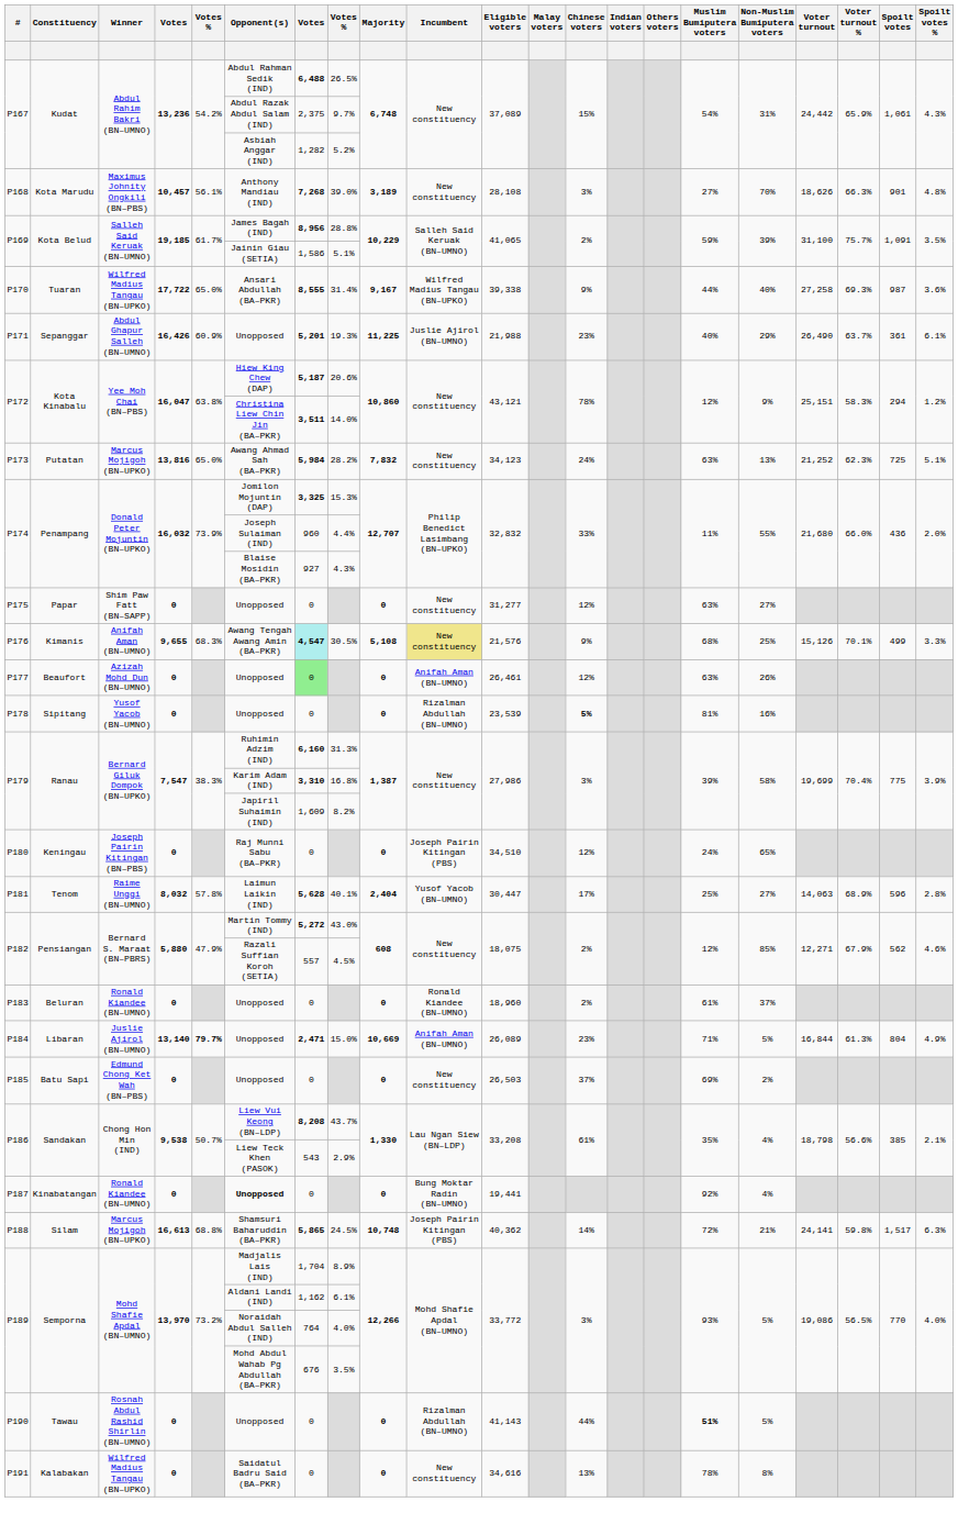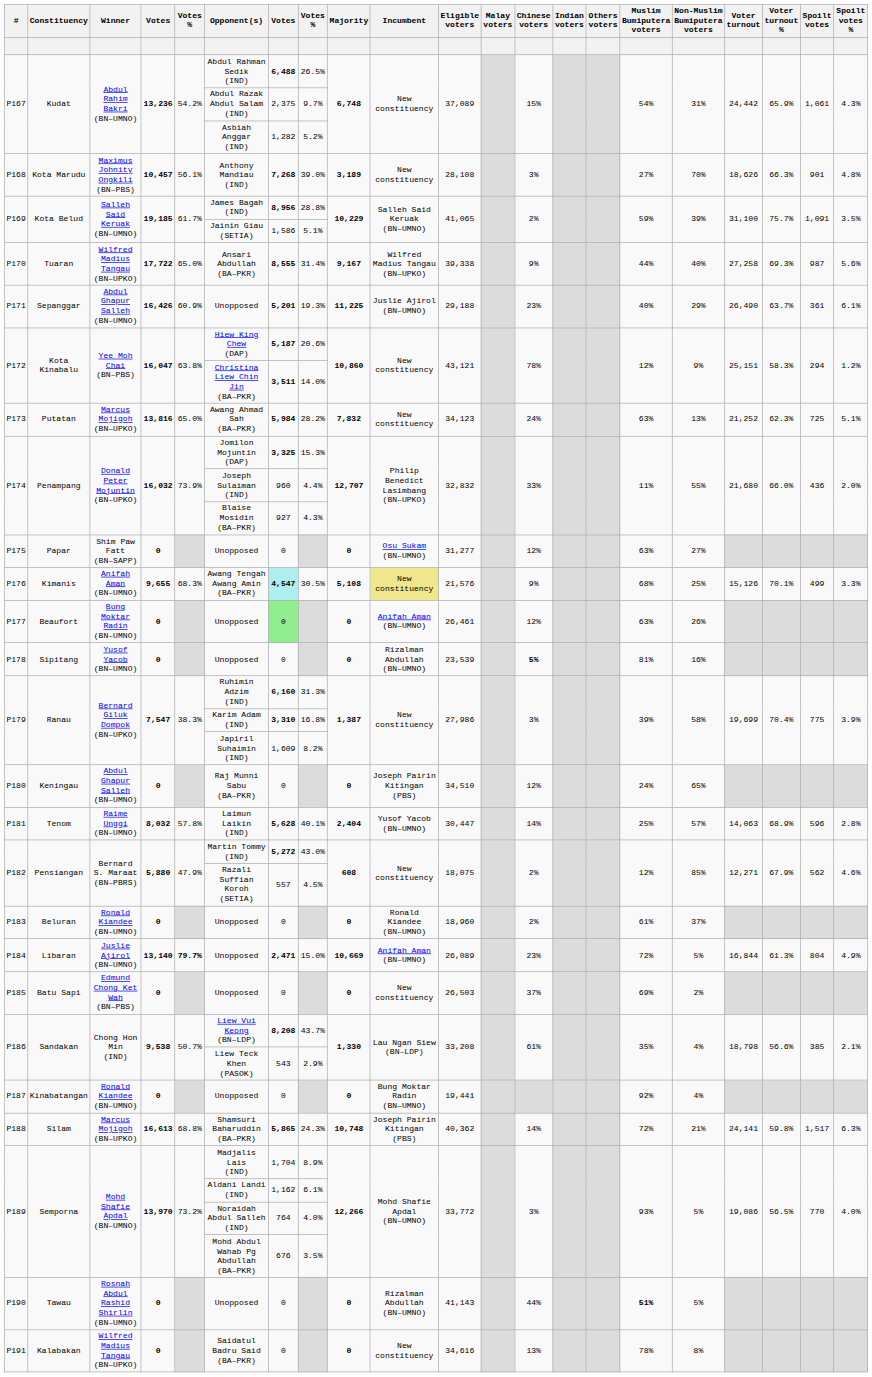 <table class="wikitable sortable" style="text-align:center; font-size:90%">
 <tr>
 <th width="30">#</th>
 <th width="60">Constituency</th>
 <th width="150">Winner</th>
 <th width="50">Votes</th>
 <th width="50">Votes %</th>
 <th width="150">Opponent(s)</th>
 <th width="50">Votes</th>
 <th width="50">Votes %</th>
 <th width="50">Majority</th>
 <th width="150">Incumbent</th>
 <th width="50">Eligible voters</th>
 <th width="50">Malay voters</th>
 <th width="50">Chinese voters</th>
 <th width="50">Indian voters</th>
 <th width="50">Others voters</th>
 <th width="50">Muslim Bumiputera voters</th>
 <th width="50">Non-Muslim Bumiputera voters</th>
 <th width="50">Voter turnout</th>
 <th width="50">Voter turnout %</th>
 <th width="50">Spoilt votes</th>
 <th width="50">Spoilt votes %</th>
 </tr>
 <tr>
 <th height="20"></th>
 <th></th>
 <th></th>
 <th></th>
 <th></th>
 <th></th>
 <th></th>
 <th></th>
 <th></th>
 <th></th>
 <th></th>
 <th></th>
 <th></th>
 <th></th>
 <th></th>
 <th></th>
 <th></th>
 <th></th>
 <th></th>
 <th></th>
 <th></th>
 </tr>
 <tr>
 <td rowspan="3">P167</td>
 <td rowspan="3">Kudat</td>
 <td rowspan="3"><a href='#'>Abdul Rahim Bakri</a><br>(BN–UMNO)</td>
 <td rowspan="3"><strong>13,236</strong></td>
 <td rowspan="3">54.2%</td>
 <td>Abdul Rahman Sedik<br>(IND)</td>
 <td><strong>6,488</strong></td>
 <td>26.5%</td>
 <td rowspan="3"><strong>6,748</strong></td>
 <td rowspan="3">New constituency</td>
 <td rowspan="3">37,089</td>
 <td rowspan="3" bgcolor="dcdcdc"></td>
 <td rowspan="3">15%</td>
 <td rowspan="3" bgcolor="dcdcdc"></td>
 <td rowspan="3" bgcolor="dcdcdc"></td>
 <td rowspan="3">54%</td>
 <td rowspan="3">31%</td>
 <td rowspan="3">24,442</td>
 <td rowspan="3">65.9%</td>
 <td rowspan="3">1,061</td>
 <td rowspan="3">4.3%</td>
 </tr>
 <tr>
 <td>Abdul Razak Abdul Salam<br>(IND)</td>
 <td>2,375</td>
 <td>9.7%</td>
 </tr>
 <tr>
 <td>Asbiah Anggar<br>(IND)</td>
 <td>1,282</td>
 <td>5.2%</td>
 </tr>
 <tr>
 <td>P168</td>
 <td>Kota Marudu</td>
 <td><a href='#'>Maximus Johnity Ongkili</a><br>(BN–PBS)</td>
 <td><strong>10,457</strong></td>
 <td>56.1%</td>
 <td>Anthony Mandiau<br>(IND)</td>
 <td><strong>7,268</strong></td>
 <td>39.0%</td>
 <td><strong>3,189</strong></td>
 <td>New constituency</td>
 <td>28,108</td>
 <td bgcolor="dcdcdc"></td>
 <td>3%</td>
 <td bgcolor="dcdcdc"></td>
 <td bgcolor="dcdcdc"></td>
 <td>27%</td>
 <td>70%</td>
 <td>18,626</td>
 <td>66.3%</td>
 <td>901</td>
 <td>4.8%</td>
 </tr>
 <tr>
 <td rowspan="2">P169</td>
 <td rowspan="2">Kota Belud</td>
 <td rowspan="2"><a href='#'>Salleh Said Keruak</a><br>(BN–UMNO)</td>
 <td rowspan="2"><strong>19,185</strong></td>
 <td rowspan="2">61.7%</td>
 <td>James Bagah<br>(IND)</td>
 <td><strong>8,956</strong></td>
 <td>28.8%</td>
 <td rowspan="2"><strong>10,229</strong></td>
 <td rowspan="2">Salleh Said Keruak<br>(BN–UMNO)</td>
 <td rowspan="2">41,065</td>
 <td rowspan="2" bgcolor="dcdcdc"></td>
 <td rowspan="2">2%</td>
 <td rowspan="2" bgcolor="dcdcdc"></td>
 <td rowspan="2" bgcolor="dcdcdc"></td>
 <td rowspan="2">59%</td>
 <td rowspan="2">39%</td>
 <td rowspan="2">31,100</td>
 <td rowspan="2">75.7%</td>
 <td rowspan="2">1,091</td>
 <td rowspan="2">3.5%</td>
 </tr>
 <tr>
 <td>Jainin Giau<br>(SETIA)</td>
 <td>1,586</td>
 <td>5.1%</td>
 </tr>
 <tr>
 <td>P170</td>
 <td>Tuaran</td>
 <td><a href='#'>Wilfred Madius Tangau</a><br>(BN–UPKO)</td>
 <td><strong>17,722</strong></td>
 <td>65.0%</td>
 <td>Ansari Abdullah<br>(BA–PKR)</td>
 <td><strong>8,555</strong></td>
 <td>31.4%</td>
 <td><strong>9,167</strong></td>
 <td>Wilfred Madius Tangau<br>(BN–UPKO)</td>
 <td>39,338</td>
 <td bgcolor="dcdcdc"></td>
 <td>9%</td>
 <td bgcolor="dcdcdc"></td>
 <td bgcolor="dcdcdc"></td>
 <td>44%</td>
 <td>40%</td>
 <td>27,258</td>
 <td>69.3%</td>
 <td>987</td>
-<td>3.6%</td>
+<td>5.6%</td>
 </tr>
 <tr>
 <td>P171</td>
 <td>Sepanggar</td>
 <td><a href='#'>Abdul Ghapur Salleh</a><br>(BN–UMNO)</td>
 <td><strong>16,426</strong></td>
 <td>60.9%</td>
 <td>Unopposed</td>
 <td><strong>5,201</strong></td>
 <td>19.3%</td>
 <td><strong>11,225</strong></td>
 <td>Juslie Ajirol<br>(BN–UMNO)</td>
-<td>21,988</td>
+<td>29,188</td>
 <td bgcolor="dcdcdc"></td>
 <td>23%</td>
 <td bgcolor="dcdcdc"></td>
 <td bgcolor="dcdcdc"></td>
 <td>40%</td>
 <td>29%</td>
 <td>26,490</td>
 <td>63.7%</td>
 <td>361</td>
 <td>6.1%</td>
 </tr>
 <tr>
 <td rowspan="2">P172</td>
 <td rowspan="2">Kota Kinabalu</td>
 <td rowspan="2"><a href='#'>Yee Moh Chai</a><br>(BN–PBS)</td>
 <td rowspan="2"><strong>16,047</strong></td>
 <td rowspan="2">63.8%</td>
 <td><a href='#'>Hiew King Chew</a><br>(DAP)</td>
 <td><strong>5,187</strong></td>
 <td>20.6%</td>
 <td rowspan="2"><strong>10,860</strong></td>
 <td rowspan="2">New constituency</td>
 <td rowspan="2">43,121</td>
 <td rowspan="2" bgcolor="dcdcdc"></td>
 <td rowspan="2">78%</td>
 <td rowspan="2" bgcolor="dcdcdc"></td>
 <td rowspan="2" bgcolor="dcdcdc"></td>
 <td rowspan="2">12%</td>
 <td rowspan="2">9%</td>
 <td rowspan="2">25,151</td>
 <td rowspan="2">58.3%</td>
 <td rowspan="2">294</td>
 <td rowspan="2">1.2%</td>
 </tr>
 <tr>
 <td><a href='#'>Christina Liew Chin Jin</a><br>(BA–PKR)</td>
 <td><strong>3,511</strong></td>
 <td>14.0%</td>
 </tr>
 <tr>
 <td>P173</td>
 <td>Putatan</td>
 <td><a href='#'>Marcus Mojigoh</a><br>(BN–UPKO)</td>
 <td><strong>13,816</strong></td>
 <td>65.0%</td>
 <td>Awang Ahmad Sah<br>(BA–PKR)</td>
 <td><strong>5,984</strong></td>
 <td>28.2%</td>
 <td><strong>7,832</strong></td>
 <td>New constituency</td>
 <td>34,123</td>
 <td bgcolor="dcdcdc"></td>
 <td>24%</td>
 <td bgcolor="dcdcdc"></td>
 <td bgcolor="dcdcdc"></td>
 <td>63%</td>
 <td>13%</td>
 <td>21,252</td>
 <td>62.3%</td>
 <td>725</td>
 <td>5.1%</td>
 </tr>
 <tr>
 <td rowspan="3">P174</td>
 <td rowspan="3">Penampang</td>
 <td rowspan="3"><a href='#'>Donald Peter Mojuntin</a><br>(BN–UPKO)</td>
 <td rowspan="3"><strong>16,032</strong></td>
 <td rowspan="3">73.9%</td>
 <td>Jomilon Mojuntin<br>(DAP)</td>
 <td><strong>3,325</strong></td>
 <td>15.3%</td>
 <td rowspan="3"><strong>12,707</strong></td>
 <td rowspan="3">Philip Benedict Lasimbang<br>(BN–UPKO)</td>
 <td rowspan="3">32,832</td>
 <td rowspan="3" bgcolor="dcdcdc"></td>
 <td rowspan="3">33%</td>
 <td rowspan="3" bgcolor="dcdcdc"></td>
 <td rowspan="3" bgcolor="dcdcdc"></td>
 <td rowspan="3">11%</td>
 <td rowspan="3">55%</td>
 <td rowspan="3">21,680</td>
 <td rowspan="3">66.0%</td>
 <td rowspan="3">436</td>
 <td rowspan="3">2.0%</td>
 </tr>
 <tr>
 <td>Joseph Sulaiman<br>(IND)</td>
 <td>960</td>
 <td>4.4%</td>
 </tr>
 <tr>
 <td>Blaise Mosidin<br>(BA–PKR)</td>
 <td>927</td>
 <td>4.3%</td>
 </tr>
 <tr>
 <td>P175</td>
 <td>Papar</td>
 <td>Shim Paw Fatt<br>(BN–SAPP)</td>
 <td><strong>0</strong></td>
 <td bgcolor="dcdcdc"></td>
 <td>Unopposed</td>
 <td>0</td>
 <td bgcolor="dcdcdc"></td>
 <td><strong>0</strong></td>
-<td>New constituency</td>
+<td><a href='#'>Osu Sukam</a><br>(BN–UMNO)</td>
 <td>31,277</td>
 <td bgcolor="dcdcdc"></td>
 <td>12%</td>
 <td bgcolor="dcdcdc"></td>
 <td bgcolor="dcdcdc"></td>
 <td>63%</td>
 <td>27%</td>
 <td bgcolor="dcdcdc"></td>
 <td bgcolor="dcdcdc"></td>
 <td bgcolor="dcdcdc"></td>
 <td bgcolor="dcdcdc"></td>
 </tr>
 <tr>
 <td>P176</td>
 <td>Kimanis</td>
 <td><a href='#'>Anifah Aman</a><br>(BN–UMNO)</td>
 <td><strong>9,655</strong></td>
 <td>68.3%</td>
 <td>Awang Tengah Awang Amin<br>(BA–PKR)</td>
 <td style="background: paleturquoise;"><strong>4,547</strong></td>
 <td>30.5%</td>
 <td><strong>5,108</strong></td>
 <td style="background: khaki;">New constituency</td>
 <td>21,576</td>
 <td bgcolor="dcdcdc"></td>
 <td>9%</td>
 <td bgcolor="dcdcdc"></td>
 <td bgcolor="dcdcdc"></td>
 <td>68%</td>
 <td>25%</td>
 <td>15,126</td>
 <td>70.1%</td>
 <td>499</td>
 <td>3.3%</td>
 </tr>
 <tr>
 <td>P177</td>
 <td>Beaufort</td>
-<td><a href='#'>Azizah Mohd Dun</a><br>(BN–UMNO)</td>
+<td><a href='#'>Bung Moktar Radin</a><br>(BN–UMNO)</td>
 <td><strong>0</strong></td>
 <td bgcolor="dcdcdc"></td>
 <td>Unopposed</td>
 <td style="background: lightgreen;">0</td>
 <td bgcolor="dcdcdc"></td>
 <td><strong>0</strong></td>
 <td><a href='#'>Anifah Aman</a><br>(BN–UMNO)</td>
 <td>26,461</td>
 <td bgcolor="dcdcdc"></td>
 <td>12%</td>
 <td bgcolor="dcdcdc"></td>
 <td bgcolor="dcdcdc"></td>
 <td>63%</td>
 <td>26%</td>
 <td bgcolor="dcdcdc"></td>
 <td bgcolor="dcdcdc"></td>
 <td bgcolor="dcdcdc"></td>
 <td bgcolor="dcdcdc"></td>
 </tr>
 <tr>
 <td>P178</td>
 <td>Sipitang</td>
 <td><a href='#'>Yusof Yacob</a><br>(BN–UMNO)</td>
 <td><strong>0</strong></td>
 <td bgcolor="dcdcdc"></td>
 <td>Unopposed</td>
 <td>0</td>
 <td bgcolor="dcdcdc"></td>
 <td><strong>0</strong></td>
 <td>Rizalman Abdullah<br>(BN–UMNO)</td>
 <td>23,539</td>
 <td bgcolor="dcdcdc"></td>
 <td><strong>5%</strong></td>
 <td bgcolor="dcdcdc"></td>
 <td bgcolor="dcdcdc"></td>
 <td>81%</td>
 <td>16%</td>
 <td bgcolor="dcdcdc"></td>
 <td bgcolor="dcdcdc"></td>
 <td bgcolor="dcdcdc"></td>
 <td bgcolor="dcdcdc"></td>
 </tr>
 <tr>
 <td rowspan="3">P179</td>
 <td rowspan="3">Ranau</td>
 <td rowspan="3"><a href='#'>Bernard Giluk Dompok</a><br>(BN–UPKO)</td>
 <td rowspan="3"><strong>7,547</strong></td>
 <td rowspan="3">38.3%</td>
 <td>Ruhimin Adzim<br>(IND)</td>
 <td><strong>6,160</strong></td>
 <td>31.3%</td>
 <td rowspan="3"><strong>1,387</strong></td>
 <td rowspan="3">New constituency</td>
 <td rowspan="3">27,986</td>
 <td rowspan="3" bgcolor="dcdcdc"></td>
 <td rowspan="3">3%</td>
 <td rowspan="3" bgcolor="dcdcdc"></td>
 <td rowspan="3" bgcolor="dcdcdc"></td>
 <td rowspan="3">39%</td>
 <td rowspan="3">58%</td>
 <td rowspan="3">19,699</td>
 <td rowspan="3">70.4%</td>
 <td rowspan="3">775</td>
 <td rowspan="3">3.9%</td>
 </tr>
 <tr>
 <td>Karim Adam<br>(IND)</td>
 <td><strong>3,310</strong></td>
 <td>16.8%</td>
 </tr>
 <tr>
 <td>Japiril Suhaimin<br>(IND)</td>
 <td>1,609</td>
 <td>8.2%</td>
 </tr>
 <tr>
 <td>P180</td>
 <td>Keningau</td>
-<td><a href='#'>Joseph Pairin Kitingan</a><br>(BN–PBS)</td>
+<td><a href='#'>Abdul Ghapur Salleh</a><br>(BN–UMNO)</td>
 <td><strong>0</strong></td>
 <td bgcolor="dcdcdc"></td>
 <td>Raj Munni Sabu<br>(BA–PKR)</td>
 <td>0</td>
 <td bgcolor="dcdcdc"></td>
 <td><strong>0</strong></td>
 <td>Joseph Pairin Kitingan<br>(PBS)</td>
 <td>34,510</td>
 <td bgcolor="dcdcdc"></td>
 <td>12%</td>
 <td bgcolor="dcdcdc"></td>
 <td bgcolor="dcdcdc"></td>
 <td>24%</td>
 <td>65%</td>
 <td bgcolor="dcdcdc"></td>
 <td bgcolor="dcdcdc"></td>
 <td bgcolor="dcdcdc"></td>
 <td bgcolor="dcdcdc"></td>
 </tr>
 <tr>
 <td>P181</td>
 <td>Tenom</td>
 <td><a href='#'>Raime Unggi</a><br>(BN–UMNO)</td>
 <td><strong>8,032</strong></td>
 <td>57.8%</td>
 <td>Laimun Laikin<br>(IND)</td>
 <td><strong>5,628</strong></td>
 <td>40.1%</td>
 <td><strong>2,404</strong></td>
 <td>Yusof Yacob<br>(BN–UMNO)</td>
 <td>30,447</td>
 <td bgcolor="dcdcdc"></td>
-<td>17%</td>
+<td>14%</td>
 <td bgcolor="dcdcdc"></td>
 <td bgcolor="dcdcdc"></td>
 <td>25%</td>
-<td>27%</td>
+<td>57%</td>
 <td>14,063</td>
 <td>68.9%</td>
 <td>596</td>
 <td>2.8%</td>
 </tr>
 <tr>
 <td rowspan="2">P182</td>
 <td rowspan="2">Pensiangan</td>
 <td rowspan="2">Bernard S. Maraat<br>(BN–PBRS)</td>
 <td rowspan="2"><strong>5,880</strong></td>
 <td rowspan="2">47.9%</td>
 <td>Martin Tommy<br>(IND)</td>
 <td><strong>5,272</strong></td>
 <td>43.0%</td>
 <td rowspan="2"><strong>608</strong></td>
 <td rowspan="2">New constituency</td>
 <td rowspan="2">18,075</td>
 <td rowspan="2" bgcolor="dcdcdc"></td>
 <td rowspan="2">2%</td>
 <td rowspan="2" bgcolor="dcdcdc"></td>
 <td rowspan="2" bgcolor="dcdcdc"></td>
 <td rowspan="2">12%</td>
 <td rowspan="2">85%</td>
 <td rowspan="2">12,271</td>
 <td rowspan="2">67.9%</td>
 <td rowspan="2">562</td>
 <td rowspan="2">4.6%</td>
 </tr>
 <tr>
 <td>Razali Suffian Koroh<br>(SETIA)</td>
 <td>557</td>
 <td>4.5%</td>
 </tr>
 <tr>
 <td>P183</td>
 <td>Beluran</td>
 <td><a href='#'>Ronald Kiandee</a><br>(BN–UMNO)</td>
 <td><strong>0</strong></td>
 <td bgcolor="dcdcdc"></td>
 <td>Unopposed</td>
 <td>0</td>
 <td bgcolor="dcdcdc"></td>
 <td><strong>0</strong></td>
 <td>Ronald Kiandee<br>(BN–UMNO)</td>
 <td>18,960</td>
 <td bgcolor="dcdcdc"></td>
 <td>2%</td>
 <td bgcolor="dcdcdc"></td>
 <td bgcolor="dcdcdc"></td>
 <td>61%</td>
 <td>37%</td>
 <td bgcolor="dcdcdc"></td>
 <td bgcolor="dcdcdc"></td>
 <td bgcolor="dcdcdc"></td>
 <td bgcolor="dcdcdc"></td>
 </tr>
 <tr>
 <td>P184</td>
 <td>Libaran</td>
 <td><a href='#'>Juslie Ajirol</a><br>(BN–UMNO)</td>
 <td><strong>13,140</strong></td>
 <td><strong>79.7%</strong></td>
 <td>Unopposed</td>
 <td><strong>2,471</strong></td>
 <td>15.0%</td>
 <td><strong>10,669</strong></td>
 <td><a href='#'>Anifah Aman</a><br>(BN–UMNO)</td>
 <td>26,089</td>
 <td bgcolor="dcdcdc"></td>
 <td>23%</td>
 <td bgcolor="dcdcdc"></td>
 <td bgcolor="dcdcdc"></td>
-<td>71%</td>
+<td>72%</td>
 <td>5%</td>
 <td>16,844</td>
 <td>61.3%</td>
 <td>804</td>
 <td>4.9%</td>
 </tr>
 <tr>
 <td>P185</td>
 <td>Batu Sapi</td>
 <td><a href='#'>Edmund Chong Ket Wah</a><br>(BN–PBS)</td>
 <td><strong>0</strong></td>
 <td bgcolor="dcdcdc"></td>
 <td>Unopposed</td>
 <td>0</td>
 <td bgcolor="dcdcdc"></td>
 <td><strong>0</strong></td>
 <td>New constituency</td>
 <td>26,503</td>
 <td bgcolor="dcdcdc"></td>
 <td>37%</td>
 <td bgcolor="dcdcdc"></td>
 <td bgcolor="dcdcdc"></td>
 <td>69%</td>
 <td>2%</td>
 <td bgcolor="dcdcdc"></td>
 <td bgcolor="dcdcdc"></td>
 <td bgcolor="dcdcdc"></td>
 <td bgcolor="dcdcdc"></td>
 </tr>
 <tr>
 <td rowspan="2">P186</td>
 <td rowspan="2">Sandakan</td>
 <td rowspan="2">Chong Hon Min<br>(IND)</td>
 <td rowspan="2"><strong>9,538</strong></td>
 <td rowspan="2">50.7%</td>
 <td><a href='#'>Liew Vui Keong</a><br>(BN–LDP)</td>
 <td><strong>8,208</strong></td>
 <td>43.7%</td>
 <td rowspan="2"><strong>1,330</strong></td>
 <td rowspan="2">Lau Ngan Siew<br>(BN–LDP)</td>
 <td rowspan="2">33,208</td>
 <td rowspan="2" bgcolor="dcdcdc"></td>
 <td rowspan="2">61%</td>
 <td rowspan="2" bgcolor="dcdcdc"></td>
 <td rowspan="2" bgcolor="dcdcdc"></td>
 <td rowspan="2">35%</td>
 <td rowspan="2">4%</td>
 <td rowspan="2">18,798</td>
 <td rowspan="2">56.6%</td>
 <td rowspan="2">385</td>
 <td rowspan="2">2.1%</td>
 </tr>
 <tr>
 <td>Liew Teck Khen<br>(PASOK)</td>
 <td>543</td>
 <td>2.9%</td>
 </tr>
 <tr>
 <td>P187</td>
 <td>Kinabatangan</td>
 <td><a href='#'>Ronald Kiandee</a><br>(BN–UMNO)</td>
 <td><strong>0</strong></td>
 <td bgcolor="dcdcdc"></td>
-<td><strong>Unopposed</strong></td>
+<td>Unopposed</td>
 <td>0</td>
 <td bgcolor="dcdcdc"></td>
 <td><strong>0</strong></td>
 <td>Bung Moktar Radin<br>(BN–UMNO)</td>
 <td>19,441</td>
 <td bgcolor="dcdcdc"></td>
 <td bgcolor="dcdcdc"></td>
 <td bgcolor="dcdcdc"></td>
 <td bgcolor="dcdcdc"></td>
 <td>92%</td>
 <td>4%</td>
 <td bgcolor="dcdcdc"></td>
 <td bgcolor="dcdcdc"></td>
 <td bgcolor="dcdcdc"></td>
 <td bgcolor="dcdcdc"></td>
 </tr>
 <tr>
 <td>P188</td>
 <td>Silam</td>
 <td><a href='#'>Marcus Mojigoh</a><br>(BN–UPKO)</td>
 <td><strong>16,613</strong></td>
 <td>68.8%</td>
 <td>Shamsuri Baharuddin<br>(BA–PKR)</td>
 <td><strong>5,865</strong></td>
-<td>24.5%</td>
+<td>24.3%</td>
 <td><strong>10,748</strong></td>
 <td>Joseph Pairin Kitingan<br>(PBS)</td>
 <td>40,362</td>
 <td bgcolor="dcdcdc"></td>
 <td>14%</td>
 <td bgcolor="dcdcdc"></td>
 <td bgcolor="dcdcdc"></td>
 <td>72%</td>
 <td>21%</td>
 <td>24,141</td>
 <td>59.8%</td>
 <td>1,517</td>
 <td>6.3%</td>
 </tr>
 <tr>
 <td rowspan="4">P189</td>
 <td rowspan="4">Semporna</td>
 <td rowspan="4"><a href='#'>Mohd Shafie Apdal</a><br>(BN–UMNO)</td>
 <td rowspan="4"><strong>13,970</strong></td>
 <td rowspan="4">73.2%</td>
 <td>Madjalis Lais<br>(IND)</td>
 <td>1,704</td>
 <td>8.9%</td>
 <td rowspan="4"><strong>12,266</strong></td>
 <td rowspan="4">Mohd Shafie Apdal<br>(BN–UMNO)</td>
 <td rowspan="4">33,772</td>
 <td rowspan="4" bgcolor="dcdcdc"></td>
 <td rowspan="4">3%</td>
 <td rowspan="4" bgcolor="dcdcdc"></td>
 <td rowspan="4" bgcolor="dcdcdc"></td>
 <td rowspan="4">93%</td>
 <td rowspan="4">5%</td>
 <td rowspan="4">19,086</td>
 <td rowspan="4">56.5%</td>
 <td rowspan="4">770</td>
 <td rowspan="4">4.0%</td>
 </tr>
 <tr>
 <td>Aldani Landi<br>(IND)</td>
 <td>1,162</td>
 <td>6.1%</td>
 </tr>
 <tr>
 <td>Noraidah Abdul Salleh<br>(IND)</td>
 <td>764</td>
 <td>4.0%</td>
 </tr>
 <tr>
 <td>Mohd Abdul Wahab Pg Abdullah<br>(BA–PKR)</td>
 <td>676</td>
 <td>3.5%</td>
 </tr>
 <tr>
 <td>P190</td>
 <td>Tawau</td>
 <td><a href='#'>Rosnah Abdul Rashid Shirlin</a><br>(BN–UMNO)</td>
 <td><strong>0</strong></td>
 <td bgcolor="dcdcdc"></td>
 <td>Unopposed</td>
 <td>0</td>
 <td bgcolor="dcdcdc"></td>
 <td><strong>0</strong></td>
 <td>Rizalman Abdullah<br>(BN–UMNO)</td>
 <td>41,143</td>
 <td bgcolor="dcdcdc"></td>
 <td>44%</td>
 <td bgcolor="dcdcdc"></td>
 <td bgcolor="dcdcdc"></td>
 <td><strong>51%</strong></td>
 <td>5%</td>
 <td bgcolor="dcdcdc"></td>
 <td bgcolor="dcdcdc"></td>
 <td bgcolor="dcdcdc"></td>
 <td bgcolor="dcdcdc"></td>
 </tr>
 <tr>
 <td>P191</td>
 <td>Kalabakan</td>
 <td><a href='#'>Wilfred Madius Tangau</a><br>(BN–UPKO)</td>
 <td><strong>0</strong></td>
 <td bgcolor="dcdcdc"></td>
 <td>Saidatul Badru Said<br>(BA–PKR)</td>
 <td>0</td>
 <td bgcolor="dcdcdc"></td>
 <td><strong>0</strong></td>
 <td>New constituency</td>
 <td>34,616</td>
 <td bgcolor="dcdcdc"></td>
 <td>13%</td>
 <td bgcolor="dcdcdc"></td>
 <td bgcolor="dcdcdc"></td>
 <td>78%</td>
 <td>8%</td>
 <td bgcolor="dcdcdc"></td>
 <td bgcolor="dcdcdc"></td>
 <td bgcolor="dcdcdc"></td>
 <td bgcolor="dcdcdc"></td>
 </tr>
 </table>
